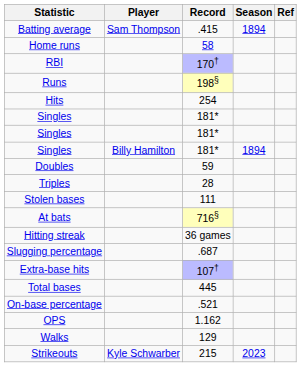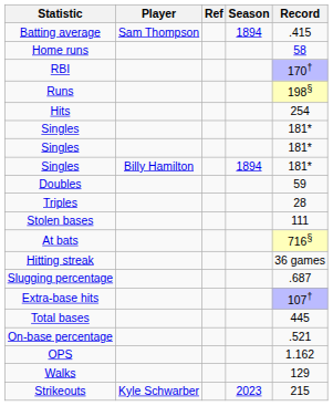 <table class="wikitable sortable" style="text-align:center">
 <tr>
 <th>Statistic</th>
 <th>Player</th>
+<th class="unsortable">Ref</th>
+<th>Season</th>
 <th class="unsortable">Record</th>
-<th>Season</th>
-<th class="unsortable">Ref</th>
 </tr>
 <tr>
 <td><a href='#'>Batting average</a></td>
 <td><a href='#'>Sam Thompson</a></td>
+<td></td>
+<td><a href='#'>1894</a></td>
 <td>.415</td>
-<td><a href='#'>1894</a></td>
-<td></td>
 </tr>
 <tr>
 <td><a href='#'>Home runs</a></td>
 <td></td>
-<td><a href='#'>58</a></td>
 <td></td>
 <td></td>
+<td><a href='#'>58</a></td>
 </tr>
 <tr>
 <td><a href='#'>RBI</a></td>
 <td></td>
-<td bgcolor="#bbbbff">170<sup>†</sup></td>
 <td></td>
 <td></td>
+<td bgcolor="#bbbbff">170<sup>†</sup></td>
 </tr>
 <tr>
 <td><a href='#'>Runs</a></td>
 <td></td>
-<td bgcolor="#ffffbb">198<sup>§</sup></td>
 <td></td>
 <td></td>
+<td bgcolor="#ffffbb">198<sup>§</sup></td>
 </tr>
 <tr>
 <td><a href='#'>Hits</a></td>
 <td></td>
-<td>254</td>
 <td></td>
 <td></td>
+<td>254</td>
 </tr>
 <tr>
 <td><a href='#'>Singles</a></td>
 <td></td>
-<td>181*</td>
 <td></td>
 <td></td>
+<td>181*</td>
 </tr>
 <tr>
 <td><a href='#'>Singles</a></td>
 <td></td>
-<td>181*</td>
 <td></td>
 <td></td>
+<td>181*</td>
 </tr>
 <tr>
 <td><a href='#'>Singles</a></td>
 <td><a href='#'>Billy Hamilton</a></td>
+<td></td>
+<td><a href='#'>1894</a></td>
 <td>181*</td>
-<td><a href='#'>1894</a></td>
-<td></td>
 </tr>
 <tr>
 <td><a href='#'>Doubles</a></td>
 <td></td>
-<td>59</td>
 <td></td>
 <td></td>
+<td>59</td>
 </tr>
 <tr>
 <td><a href='#'>Triples</a></td>
 <td></td>
-<td>28</td>
 <td></td>
 <td></td>
+<td>28</td>
 </tr>
 <tr>
 <td><a href='#'>Stolen bases</a></td>
 <td></td>
-<td>111</td>
 <td></td>
 <td></td>
+<td>111</td>
 </tr>
 <tr>
 <td><a href='#'>At bats</a></td>
 <td></td>
-<td bgcolor="#ffffbb">716<sup>§</sup></td>
 <td></td>
 <td></td>
+<td bgcolor="#ffffbb">716<sup>§</sup></td>
 </tr>
 <tr>
 <td><a href='#'>Hitting streak</a></td>
 <td></td>
-<td>36 games</td>
 <td></td>
 <td></td>
+<td>36 games</td>
 </tr>
 <tr>
 <td><a href='#'>Slugging percentage</a></td>
 <td></td>
-<td>.687</td>
 <td></td>
 <td></td>
+<td>.687</td>
 </tr>
 <tr>
 <td><a href='#'>Extra-base hits</a></td>
 <td></td>
-<td bgcolor="#bbbbff">107<sup>†</sup></td>
 <td></td>
 <td></td>
+<td bgcolor="#bbbbff">107<sup>†</sup></td>
 </tr>
 <tr>
 <td><a href='#'>Total bases</a></td>
 <td></td>
-<td>445</td>
 <td></td>
 <td></td>
+<td>445</td>
 </tr>
 <tr>
 <td><a href='#'>On-base percentage</a></td>
 <td></td>
-<td>.521</td>
 <td></td>
 <td></td>
+<td>.521</td>
 </tr>
 <tr>
 <td><a href='#'>OPS</a></td>
 <td></td>
-<td>1.162</td>
 <td></td>
 <td></td>
+<td>1.162</td>
 </tr>
 <tr>
 <td><a href='#'>Walks</a></td>
 <td></td>
-<td>129</td>
 <td></td>
 <td></td>
+<td>129</td>
 </tr>
 <tr>
 <td><a href='#'>Strikeouts</a></td>
 <td><a href='#'>Kyle Schwarber</a></td>
+<td></td>
+<td><a href='#'>2023</a></td>
 <td>215</td>
-<td><a href='#'>2023</a></td>
-<td></td>
 </tr>
 </table>
